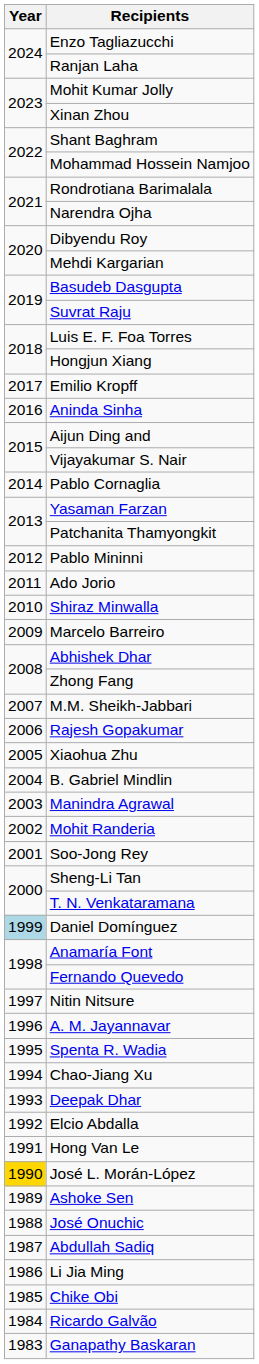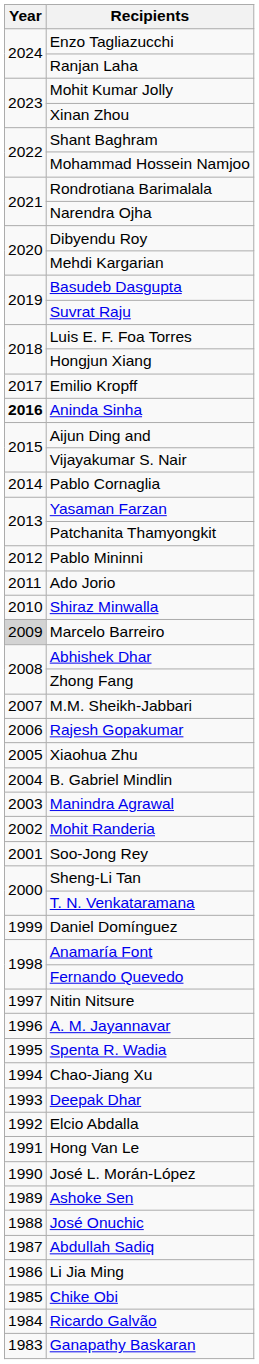 <table class="wikitable">
 <tr>
 <th>Year</th>
 <th>Recipients</th>
 </tr>
 <tr>
 <td rowspan="2">2024</td>
 <td>Enzo Tagliazucchi</td>
 </tr>
 <tr>
 <td>Ranjan Laha</td>
 </tr>
 <tr>
 <td rowspan="2">2023</td>
 <td>Mohit Kumar Jolly</td>
 </tr>
 <tr>
 <td>Xinan Zhou</td>
 </tr>
 <tr>
 <td rowspan="2">2022</td>
 <td>Shant Baghram</td>
 </tr>
 <tr>
 <td>Mohammad Hossein Namjoo</td>
 </tr>
 <tr>
 <td rowspan="2">2021</td>
 <td>Rondrotiana Barimalala</td>
 </tr>
 <tr>
 <td>Narendra Ojha</td>
 </tr>
 <tr>
 <td rowspan="2">2020</td>
 <td>Dibyendu Roy</td>
 </tr>
 <tr>
 <td>Mehdi Kargarian</td>
 </tr>
 <tr>
 <td rowspan="2">2019</td>
 <td><a href='#'>Basudeb Dasgupta</a></td>
 </tr>
 <tr>
 <td><a href='#'>Suvrat Raju</a></td>
 </tr>
 <tr>
 <td rowspan="2">2018</td>
 <td>Luis E. F. Foa Torres</td>
 </tr>
 <tr>
 <td>Hongjun Xiang</td>
 </tr>
 <tr>
 <td>2017</td>
 <td>Emilio Kropff</td>
 </tr>
 <tr>
-<td>2016</td>
+<td><strong>2016</strong></td>
 <td><a href='#'>Aninda Sinha</a></td>
 </tr>
 <tr>
 <td rowspan="2">2015</td>
 <td>Aijun Ding and</td>
 </tr>
 <tr>
 <td>Vijayakumar S. Nair</td>
 </tr>
 <tr>
 <td>2014</td>
 <td>Pablo Cornaglia</td>
 </tr>
 <tr>
 <td rowspan="2">2013</td>
 <td><a href='#'>Yasaman Farzan</a></td>
 </tr>
 <tr>
 <td>Patchanita Thamyongkit</td>
 </tr>
 <tr>
 <td>2012</td>
 <td>Pablo Mininni</td>
 </tr>
 <tr>
 <td>2011</td>
 <td>Ado Jorio</td>
 </tr>
 <tr>
 <td>2010</td>
 <td><a href='#'>Shiraz Minwalla</a></td>
 </tr>
 <tr>
-<td>2009</td>
+<td style="background: lightgrey;">2009</td>
 <td>Marcelo Barreiro</td>
 </tr>
 <tr>
 <td rowspan="2">2008</td>
 <td><a href='#'>Abhishek Dhar</a></td>
 </tr>
 <tr>
 <td>Zhong Fang</td>
 </tr>
 <tr>
 <td>2007</td>
 <td>M.M. Sheikh-Jabbari</td>
 </tr>
 <tr>
 <td>2006</td>
 <td><a href='#'>Rajesh Gopakumar</a></td>
 </tr>
 <tr>
 <td>2005</td>
 <td>Xiaohua Zhu</td>
 </tr>
 <tr>
 <td>2004</td>
 <td>B. Gabriel Mindlin</td>
 </tr>
 <tr>
 <td>2003</td>
 <td><a href='#'>Manindra Agrawal</a></td>
 </tr>
 <tr>
 <td>2002</td>
 <td><a href='#'>Mohit Randeria</a></td>
 </tr>
 <tr>
 <td>2001</td>
 <td>Soo-Jong Rey</td>
 </tr>
 <tr>
 <td rowspan="2">2000</td>
 <td>Sheng-Li Tan</td>
 </tr>
 <tr>
 <td><a href='#'>T. N. Venkataramana</a></td>
 </tr>
 <tr>
-<td style="background: lightblue;">1999</td>
+<td>1999</td>
 <td>Daniel Domínguez</td>
 </tr>
 <tr>
 <td rowspan="2">1998</td>
 <td><a href='#'>Anamaría Font</a></td>
 </tr>
 <tr>
 <td><a href='#'>Fernando Quevedo</a></td>
 </tr>
 <tr>
 <td>1997</td>
 <td>Nitin Nitsure</td>
 </tr>
 <tr>
 <td>1996</td>
 <td><a href='#'>A. M. Jayannavar</a></td>
 </tr>
 <tr>
 <td>1995</td>
 <td><a href='#'>Spenta R. Wadia</a></td>
 </tr>
 <tr>
 <td>1994</td>
 <td>Chao-Jiang Xu</td>
 </tr>
 <tr>
 <td>1993</td>
 <td><a href='#'>Deepak Dhar</a></td>
 </tr>
 <tr>
 <td>1992</td>
 <td>Elcio Abdalla</td>
 </tr>
 <tr>
 <td>1991</td>
 <td>Hong Van Le</td>
 </tr>
 <tr>
-<td style="background: gold;">1990</td>
+<td>1990</td>
 <td>José L. Morán-López</td>
 </tr>
 <tr>
 <td>1989</td>
 <td><a href='#'>Ashoke Sen</a></td>
 </tr>
 <tr>
 <td>1988</td>
 <td><a href='#'>José Onuchic</a></td>
 </tr>
 <tr>
 <td>1987</td>
 <td><a href='#'>Abdullah Sadiq</a></td>
 </tr>
 <tr>
 <td>1986</td>
 <td>Li Jia Ming</td>
 </tr>
 <tr>
 <td>1985</td>
 <td><a href='#'>Chike Obi</a></td>
 </tr>
 <tr>
 <td>1984</td>
 <td><a href='#'>Ricardo Galvão</a></td>
 </tr>
 <tr>
 <td>1983</td>
 <td><a href='#'>Ganapathy Baskaran</a></td>
 </tr>
 </table>
